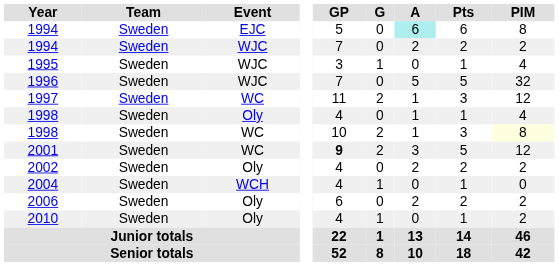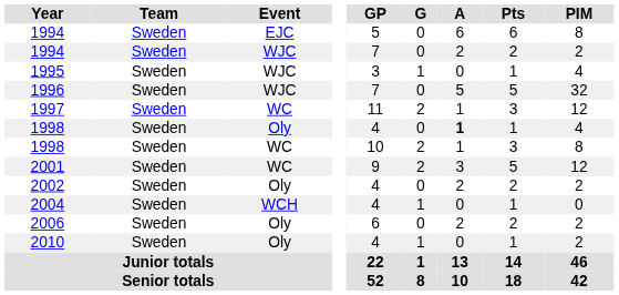 <table border="0" cellpadding="1" cellspacing="0" style="text-align:center; width:40em">
 <tr ALIGN="center" bgcolor="#e0e0e0">
 <th>Year</th>
 <th>Team</th>
 <th>Event</th>
 <th rowspan="99" bgcolor="#ffffff"> </th>
 <th>GP</th>
 <th>G</th>
 <th>A</th>
 <th>Pts</th>
 <th>PIM</th>
 </tr>
 <tr>
 <td><a href='#'>1994</a></td>
 <td><a href='#'>Sweden</a></td>
 <td><a href='#'>EJC</a></td>
 <td>5</td>
 <td>0</td>
-<td style="background: paleturquoise;">6</td>
+<td>6</td>
 <td>6</td>
 <td>8</td>
 </tr>
 <tr bgcolor="#f0f0f0">
 <td><a href='#'>1994</a></td>
 <td><a href='#'>Sweden</a></td>
 <td><a href='#'>WJC</a></td>
 <td>7</td>
 <td>0</td>
 <td>2</td>
 <td>2</td>
 <td>2</td>
 </tr>
 <tr>
 <td><a href='#'>1995</a></td>
 <td>Sweden</td>
 <td>WJC</td>
 <td>3</td>
 <td>1</td>
 <td>0</td>
 <td>1</td>
 <td>4</td>
 </tr>
 <tr bgcolor="#f0f0f0">
 <td><a href='#'>1996</a></td>
 <td>Sweden</td>
 <td>WJC</td>
 <td>7</td>
 <td>0</td>
 <td>5</td>
 <td>5</td>
 <td>32</td>
 </tr>
 <tr>
 <td><a href='#'>1997</a></td>
 <td><a href='#'>Sweden</a></td>
 <td><a href='#'>WC</a></td>
 <td>11</td>
 <td>2</td>
 <td>1</td>
 <td>3</td>
 <td>12</td>
 </tr>
 <tr bgcolor="#f0f0f0">
 <td><a href='#'>1998</a></td>
 <td>Sweden</td>
 <td><a href='#'>Oly</a></td>
 <td>4</td>
 <td>0</td>
-<td>1</td>
+<td><strong>1</strong></td>
 <td>1</td>
 <td>4</td>
 </tr>
 <tr>
 <td><a href='#'>1998</a></td>
 <td>Sweden</td>
 <td>WC</td>
 <td>10</td>
 <td>2</td>
 <td>1</td>
 <td>3</td>
-<td style="background: lightyellow;">8</td>
+<td>8</td>
 </tr>
 <tr bgcolor="#f0f0f0">
 <td><a href='#'>2001</a></td>
 <td>Sweden</td>
 <td>WC</td>
-<td><strong>9</strong></td>
+<td>9</td>
 <td>2</td>
 <td>3</td>
 <td>5</td>
 <td>12</td>
 </tr>
 <tr>
 <td><a href='#'>2002</a></td>
 <td>Sweden</td>
 <td>Oly</td>
 <td>4</td>
 <td>0</td>
 <td>2</td>
 <td>2</td>
 <td>2</td>
 </tr>
 <tr bgcolor="#f0f0f0">
 <td><a href='#'>2004</a></td>
 <td>Sweden</td>
 <td><a href='#'>WCH</a></td>
 <td>4</td>
 <td>1</td>
 <td>0</td>
 <td>1</td>
 <td>0</td>
 </tr>
 <tr>
 <td><a href='#'>2006</a></td>
 <td>Sweden</td>
 <td>Oly</td>
 <td>6</td>
 <td>0</td>
 <td>2</td>
 <td>2</td>
 <td>2</td>
 </tr>
 <tr bgcolor="#f0f0f0">
 <td><a href='#'>2010</a></td>
 <td>Sweden</td>
 <td>Oly</td>
 <td>4</td>
 <td>1</td>
 <td>0</td>
 <td>1</td>
 <td>2</td>
 </tr>
 <tr bgcolor="#e0e0e0">
 <th colspan=3>Junior totals</th>
 <th>22</th>
 <th>1</th>
 <th>13</th>
 <th>14</th>
 <th>46</th>
 </tr>
 <tr bgcolor="#e0e0e0">
 <th colspan=3>Senior totals</th>
 <th>52</th>
 <th>8</th>
 <th>10</th>
 <th>18</th>
 <th>42</th>
 </tr>
 </table>
